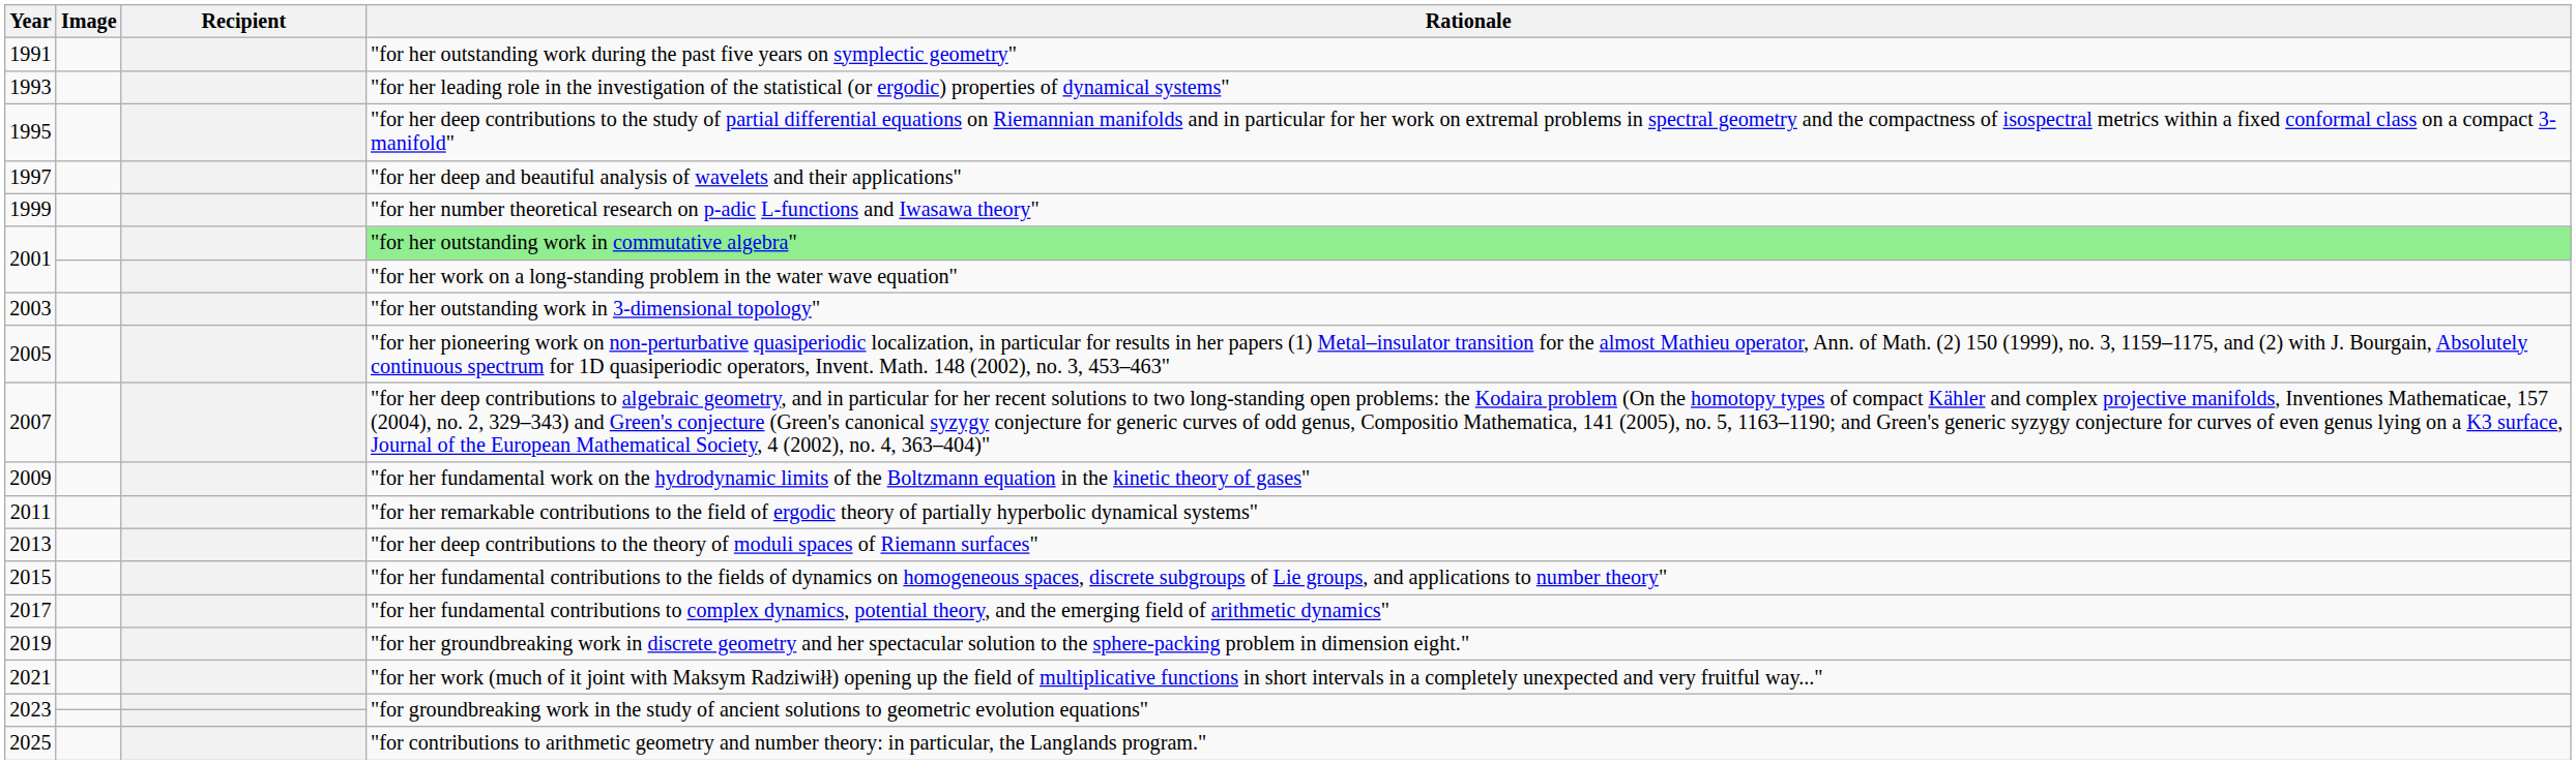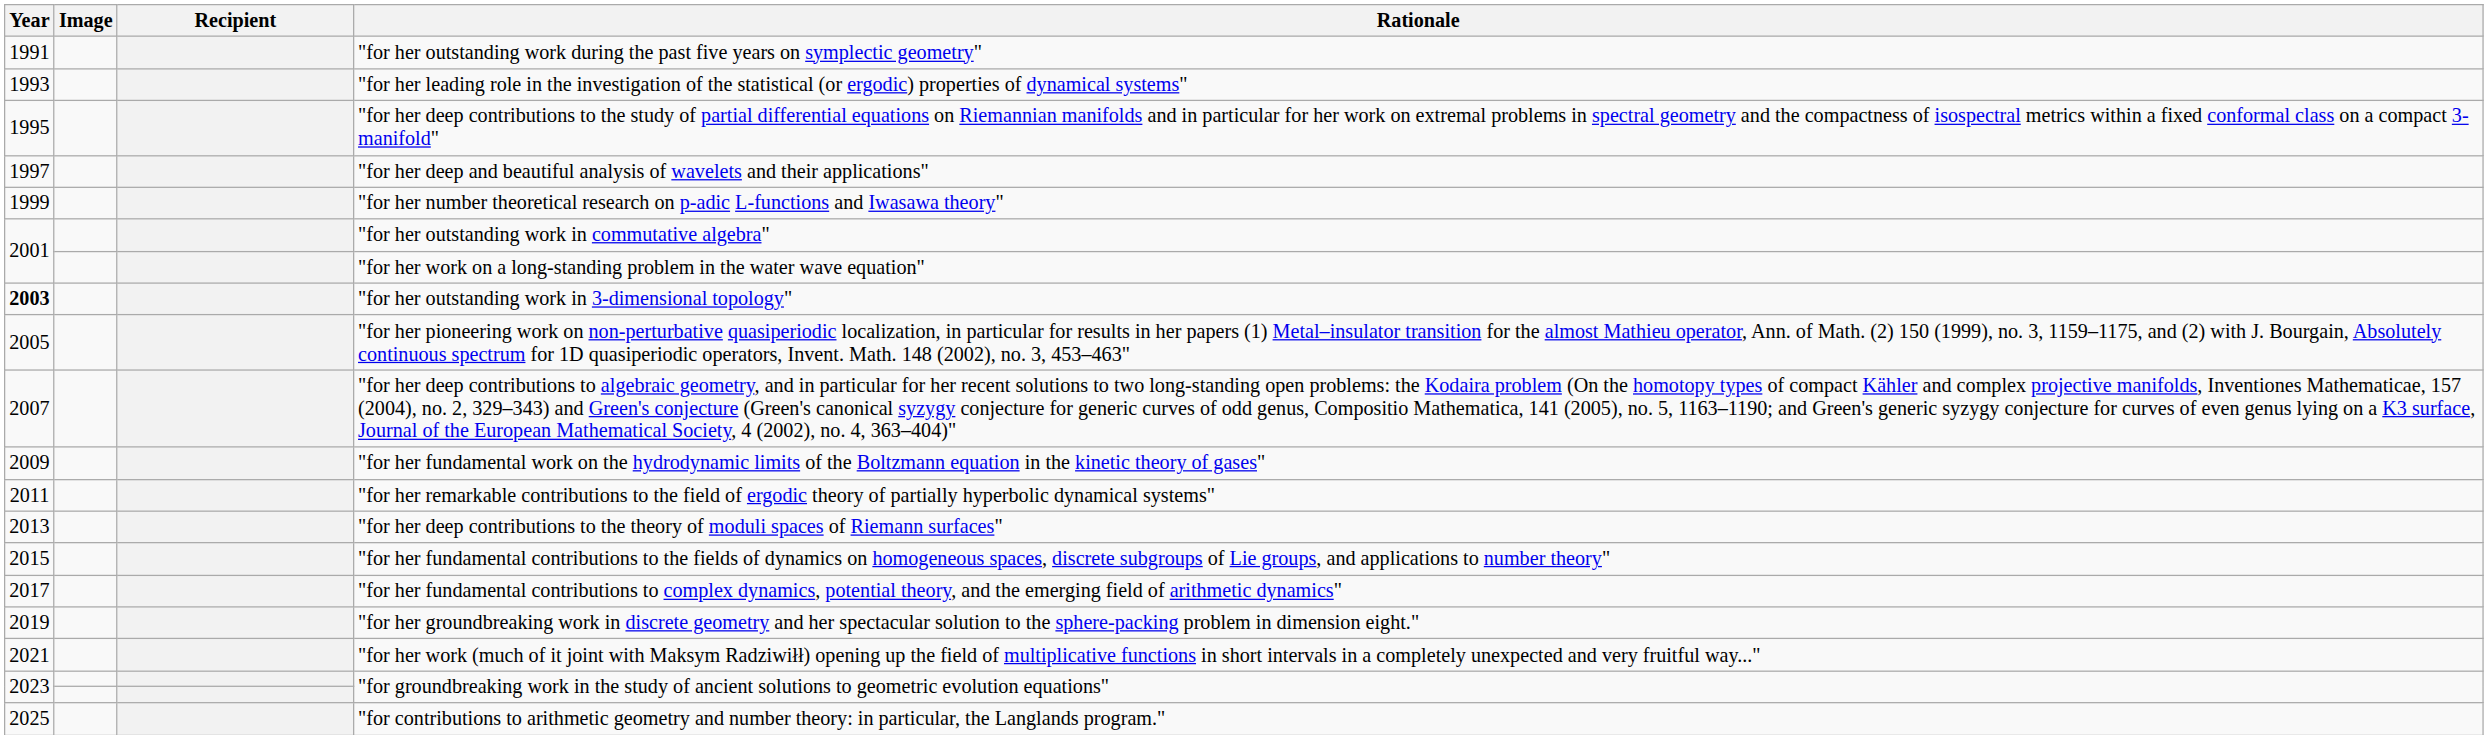 <table class="wikitable sortable plainrowheaders">
 <tr>
 <th scope=col>Year</th>
 <th scope=col class=unsortable>Image</th>
 <th scope=col width=180>Recipient</th>
 <th scope=col class=unsortable>Rationale</th>
 </tr>
 <tr>
 <td align=center>1991</td>
 <td></td>
 <th scope=row></th>
 <td>"for her outstanding work during the past five years on <a href='#'>symplectic geometry</a>"</td>
 </tr>
 <tr>
 <td align=center>1993</td>
 <td></td>
 <th scope=row></th>
 <td>"for her leading role in the investigation of the statistical (or <a href='#'>ergodic</a>) properties of <a href='#'>dynamical systems</a>"</td>
 </tr>
 <tr>
 <td align=center>1995</td>
 <td></td>
 <th scope=row></th>
 <td>"for her deep contributions to the study of <a href='#'>partial differential equations</a> on <a href='#'>Riemannian manifolds</a> and in particular for her work on extremal problems in <a href='#'>spectral geometry</a> and the compactness of <a href='#'>isospectral</a> metrics within a fixed <a href='#'>conformal class</a> on a compact <a href='#'>3-manifold</a>"</td>
 </tr>
 <tr>
 <td align=center>1997</td>
 <td></td>
 <th scope=row></th>
 <td>"for her deep and beautiful analysis of <a href='#'>wavelets</a> and their applications"</td>
 </tr>
 <tr>
 <td align=center>1999</td>
 <td></td>
 <th scope=row></th>
 <td>"for her number theoretical research on <a href='#'>p-adic</a> <a href='#'>L-functions</a> and <a href='#'>Iwasawa theory</a>"</td>
 </tr>
 <tr>
 <td align=center rowspan=2>2001</td>
 <td></td>
 <th scope=row></th>
-<td style="background: lightgreen;">"for her outstanding work in <a href='#'>commutative algebra</a>"</td>
+<td>"for her outstanding work in <a href='#'>commutative algebra</a>"</td>
 </tr>
 <tr>
 <td></td>
 <th scope=row></th>
 <td>"for her work on a long-standing problem in the water wave equation"</td>
 </tr>
 <tr>
-<td align=center>2003</td>
+<td align=center><strong>2003</strong></td>
 <td></td>
 <th scope=row></th>
 <td>"for her outstanding work in <a href='#'>3-dimensional topology</a>"</td>
 </tr>
 <tr>
 <td align=center>2005</td>
 <td></td>
 <th scope=row></th>
 <td>"for her pioneering work on <a href='#'>non-perturbative</a> <a href='#'>quasiperiodic</a> localization, in particular for results in her papers (1) <a href='#'>Metal–insulator transition</a> for the <a href='#'>almost Mathieu operator</a>, Ann. of Math. (2) 150 (1999), no. 3, 1159–1175, and (2) with J. Bourgain, <a href='#'>Absolutely continuous spectrum</a> for 1D quasiperiodic operators, Invent. Math. 148 (2002), no. 3, 453–463"</td>
 </tr>
 <tr>
 <td align=center>2007</td>
 <td></td>
 <th scope=row></th>
 <td>"for her deep contributions to <a href='#'>algebraic geometry</a>, and in particular for her recent solutions to two long-standing open problems: the <a href='#'>Kodaira problem</a> (On the <a href='#'>homotopy types</a> of compact <a href='#'>Kähler</a> and complex <a href='#'>projective manifolds</a>, Inventiones Mathematicae, 157 (2004), no. 2, 329–343) and <a href='#'>Green's conjecture</a> (Green's canonical <a href='#'>syzygy</a> conjecture for generic curves of odd genus, Compositio Mathematica, 141 (2005), no. 5, 1163–1190; and Green's generic syzygy conjecture for curves of even genus lying on a <a href='#'>K3 surface</a>, <a href='#'>Journal of the European Mathematical Society</a>, 4 (2002), no. 4, 363–404)"</td>
 </tr>
 <tr>
 <td align=center>2009</td>
 <td></td>
 <th scope=row></th>
 <td>"for her fundamental work on the <a href='#'>hydrodynamic limits</a> of the <a href='#'>Boltzmann equation</a> in the <a href='#'>kinetic theory of gases</a>"</td>
 </tr>
 <tr>
 <td align=center>2011</td>
 <td></td>
 <th scope=row></th>
 <td>"for her remarkable contributions to the field of <a href='#'>ergodic</a> theory of partially hyperbolic dynamical systems"</td>
 </tr>
 <tr>
 <td align=center>2013</td>
 <td></td>
 <th scope=row></th>
 <td>"for her deep contributions to the theory of <a href='#'>moduli spaces</a> of <a href='#'>Riemann surfaces</a>"</td>
 </tr>
 <tr>
 <td align=center>2015</td>
 <td></td>
 <th scope=row></th>
 <td>"for her fundamental contributions to the fields of dynamics on <a href='#'>homogeneous spaces</a>, <a href='#'>discrete subgroups</a> of <a href='#'>Lie groups</a>, and applications to <a href='#'>number theory</a>"</td>
 </tr>
 <tr>
 <td align=center>2017</td>
 <td></td>
 <th scope=row></th>
 <td>"for her fundamental contributions to <a href='#'>complex dynamics</a>, <a href='#'>potential theory</a>, and the emerging field of <a href='#'>arithmetic dynamics</a>"</td>
 </tr>
 <tr>
 <td align=center>2019</td>
 <td></td>
 <th scope=row></th>
 <td>"for her groundbreaking work in <a href='#'>discrete geometry</a> and her spectacular solution to the <a href='#'>sphere-packing</a> problem in dimension eight."</td>
 </tr>
 <tr>
 <td align=center>2021</td>
 <td></td>
 <th scope=row></th>
 <td>"for her work (much of it joint with Maksym Radziwiłł) opening up the field of <a href='#'>multiplicative functions</a> in short intervals in a completely unexpected and very fruitful way..."</td>
 </tr>
 <tr>
 <td align=center rowspan=2>2023</td>
 <td></td>
 <th scope=row></th>
 <td rowspan=2>"for groundbreaking work in the study of ancient solutions to geometric evolution equations"</td>
 </tr>
 <tr>
 <td></td>
 <th scope=row></th>
 </tr>
 <tr>
 <td align=center>2025</td>
 <td></td>
 <th scope=row></th>
 <td>"for contributions to arithmetic geometry and number theory: in particular, the Langlands program."</td>
 </tr>
 </table>
